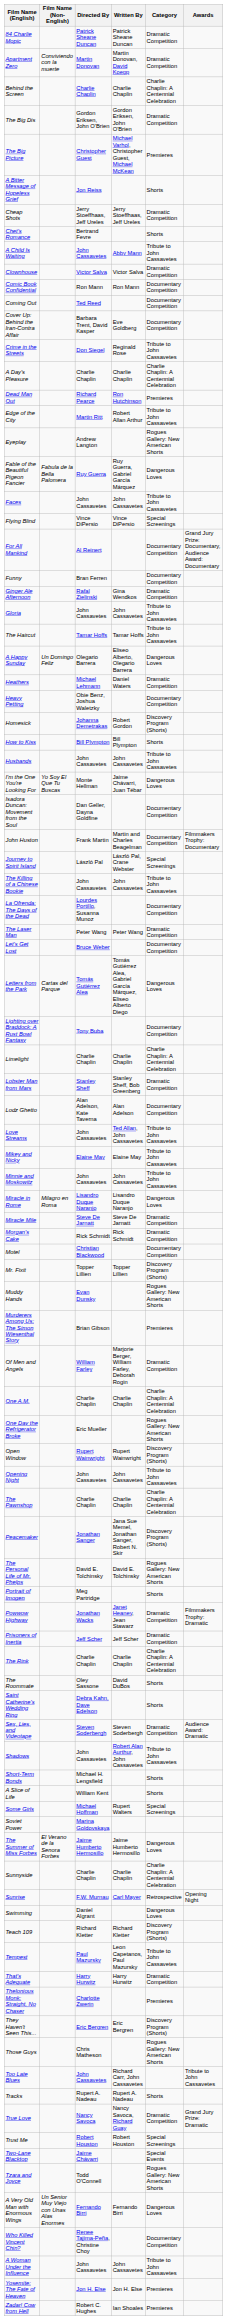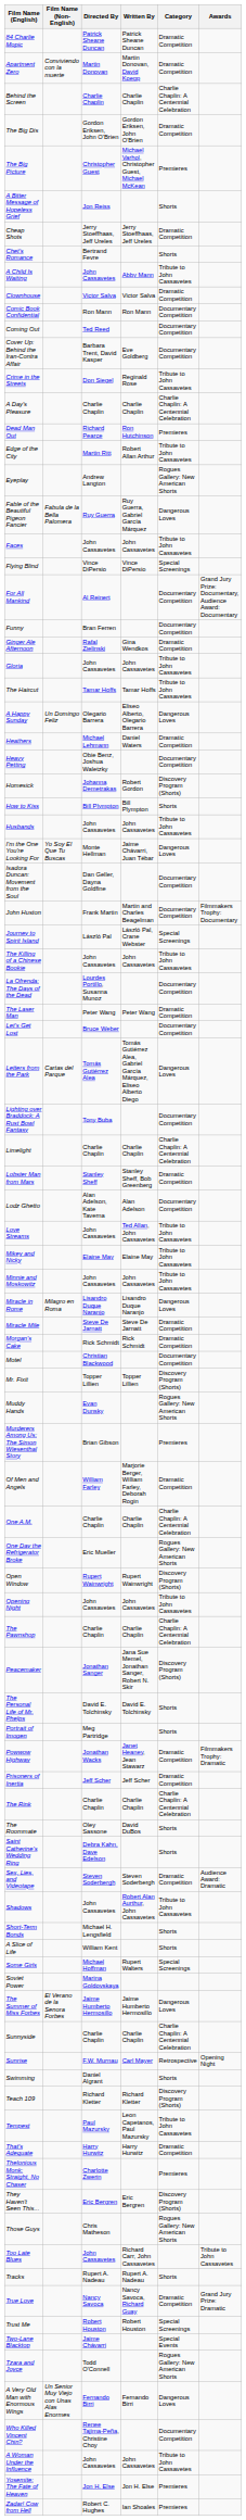 <table class="wikitable">
 <tr>
 <th>Film Name (English)</th>
 <th>Film Name (Non-English)</th>
 <th>Directed By</th>
 <th>Written By</th>
 <th>Category</th>
 <th>Awards</th>
 </tr>
 <tr>
 <td><em><a href='#'>84 Charlie Mopic</a></em></td>
 <td></td>
 <td><a href='#'>Patrick Sheane Duncan</a></td>
 <td>Patrick Sheane Duncan</td>
 <td>Dramatic Competition</td>
 <td></td>
 </tr>
 <tr>
 <td><em><a href='#'>Apartment Zero</a></em></td>
 <td><em>Conviviendo con la muerte</em></td>
 <td><a href='#'>Martin Donovan</a></td>
 <td>Martin Donovan, <a href='#'>David Koepp</a></td>
 <td>Dramatic Competition</td>
 <td></td>
 </tr>
 <tr>
 <td><em>Behind the Screen</em></td>
 <td></td>
 <td><a href='#'>Charlie Chaplin</a></td>
 <td>Charlie Chaplin</td>
 <td>Charlie Chaplin: A Centennial Celebration</td>
 <td></td>
 </tr>
 <tr>
 <td><em>The Big Dis</em></td>
 <td></td>
 <td>Gordon Eriksen, John O'Brien</td>
 <td>Gordon Eriksen, John O'Brien</td>
 <td>Dramatic Competition</td>
 <td></td>
 </tr>
 <tr>
 <td><em><a href='#'>The Big Picture</a></em></td>
 <td></td>
 <td><a href='#'>Christopher Guest</a></td>
 <td><a href='#'>Michael Varhol</a>, Christopher Guest, <a href='#'>Michael McKean</a></td>
 <td>Premieres</td>
 <td></td>
 </tr>
 <tr>
 <td><em><a href='#'>A Bitter Message of Hopeless Grief</a></em></td>
 <td></td>
 <td><a href='#'>Jon Reiss</a></td>
 <td></td>
 <td>Shorts</td>
 <td></td>
 </tr>
 <tr>
 <td><em>Cheap Shots</em></td>
 <td></td>
 <td>Jerry Stoeffhaas, Jeff Ureles</td>
 <td>Jerry Stoeffhaas, Jeff Ureles</td>
 <td>Dramatic Competition</td>
 <td></td>
 </tr>
 <tr>
 <td><em><a href='#'>Chet's Romance</a></em></td>
 <td></td>
 <td>Bertrand Fevre</td>
 <td></td>
 <td>Shorts</td>
 <td></td>
 </tr>
 <tr>
 <td><em><a href='#'>A Child Is Waiting</a></em></td>
 <td></td>
 <td><a href='#'>John Cassavetes</a></td>
 <td><a href='#'>Abby Mann</a></td>
 <td>Tribute to John Cassavetes</td>
 <td></td>
 </tr>
 <tr>
 <td><em><a href='#'>Clownhouse</a></em></td>
 <td></td>
 <td><a href='#'>Victor Salva</a></td>
 <td>Victor Salva</td>
 <td>Dramatic Competition</td>
 <td></td>
 </tr>
 <tr>
 <td><em><a href='#'>Comic Book Confidential</a></em></td>
 <td></td>
 <td>Ron Mann</td>
 <td>Ron Mann</td>
 <td>Documentary Competition</td>
 <td></td>
 </tr>
 <tr>
 <td><em>Coming Out</em></td>
 <td></td>
 <td><a href='#'>Ted Reed</a></td>
 <td></td>
 <td>Documentary Competition</td>
 <td></td>
 </tr>
 <tr>
 <td><em>Cover Up: Behind the Iran-Contra Affair</em></td>
 <td></td>
 <td>Barbara Trent, David Kasper</td>
 <td>Eve Goldberg</td>
 <td>Documentary Competition</td>
 <td></td>
 </tr>
 <tr>
 <td><em><a href='#'>Crime in the Streets</a></em></td>
 <td></td>
 <td><a href='#'>Don Siegel</a></td>
 <td>Reginald Rose</td>
 <td>Tribute to John Cassavetes</td>
 <td></td>
 </tr>
 <tr>
 <td><em>A Day's Pleasure</em></td>
 <td></td>
 <td>Charlie Chaplin</td>
 <td>Charlie Chaplin</td>
 <td>Charlie Chaplin: A Centennial Celebration</td>
 <td></td>
 </tr>
 <tr>
 <td><em><a href='#'>Dead Man Out</a></em></td>
 <td></td>
 <td><a href='#'>Richard Pearce</a></td>
 <td><a href='#'>Ron Hutchinson</a></td>
 <td>Premieres</td>
 <td></td>
 </tr>
 <tr>
 <td><em>Edge of the City</em></td>
 <td></td>
 <td><a href='#'>Martin Ritt</a></td>
 <td>Robert Allan Arthur</td>
 <td>Tribute to John Cassavetes</td>
 <td></td>
 </tr>
 <tr>
 <td><em>Eyeplay</em></td>
 <td></td>
 <td>Andrew Langton</td>
 <td></td>
 <td>Rogues Gallery: New American Shorts</td>
 <td></td>
 </tr>
 <tr>
 <td><em>Fable of the Beautiful Pigeon Fancier</em></td>
 <td><em>Fabula de la Bella Palomera</em></td>
 <td><a href='#'>Ruy Guerra</a></td>
 <td>Ruy Guerra, Gabriel García Márquez</td>
 <td>Dangerous Loves</td>
 <td></td>
 </tr>
 <tr>
 <td><em><a href='#'>Faces</a></em></td>
 <td></td>
 <td>John Cassavetes</td>
 <td>John Cassavetes</td>
 <td>Tribute to John Cassavetes</td>
 <td></td>
 </tr>
 <tr>
 <td><em>Flying Blind</em></td>
 <td></td>
 <td>Vince DiPersio</td>
 <td>Vince DiPersio</td>
 <td>Special Screenings</td>
 <td></td>
 </tr>
 <tr>
 <td><em><a href='#'>For All Mankind</a></em></td>
 <td></td>
 <td><a href='#'>Al Reinert</a></td>
 <td></td>
 <td>Documentary Competition</td>
 <td>Grand Jury Prize: Documentary, Audience Award: Documentary</td>
 </tr>
 <tr>
 <td><em>Funny</em></td>
 <td></td>
 <td>Bran Ferren</td>
 <td></td>
 <td>Documentary Competition</td>
 <td></td>
 </tr>
 <tr>
 <td><em><a href='#'>Ginger Ale Afternoon</a></em></td>
 <td></td>
 <td><a href='#'>Rafal Zielinski</a></td>
 <td>Gina Wendkos</td>
 <td>Dramatic Competition</td>
 <td></td>
 </tr>
 <tr>
 <td><em><a href='#'>Gloria</a></em></td>
 <td></td>
 <td>John Cassavetes</td>
 <td>John Cassavetes</td>
 <td>Tribute to John Cassavetes</td>
 <td></td>
 </tr>
 <tr>
 <td><em>The Haircut</em></td>
 <td></td>
 <td><a href='#'>Tamar Hoffs</a></td>
 <td>Tamar Hoffs</td>
 <td>Tribute to John Cassavetes</td>
 <td></td>
 </tr>
 <tr>
 <td><em><a href='#'>A Happy Sunday</a></em></td>
 <td><em>Un Domingo Feliz</em></td>
 <td>Olegario Barrera</td>
 <td>Eliseo Alberto, Olegario Barrera</td>
 <td>Dangerous Loves</td>
 <td></td>
 </tr>
 <tr>
 <td><em><a href='#'>Heathers</a></em></td>
 <td></td>
 <td><a href='#'>Michael Lehmann</a></td>
 <td>Daniel Waters</td>
 <td>Dramatic Competition</td>
 <td></td>
 </tr>
 <tr>
 <td><em><a href='#'>Heavy Petting</a></em></td>
 <td></td>
 <td>Obie Benz, Joshua Waletzky</td>
 <td></td>
 <td>Documentary Competition</td>
 <td></td>
 </tr>
 <tr>
 <td><em>Homesick</em></td>
 <td></td>
 <td><a href='#'>Johanna Demetrakas</a></td>
 <td>Robert Gordon</td>
 <td>Discovery Program (Shorts)</td>
 <td></td>
 </tr>
 <tr>
 <td><em><a href='#'>How to Kiss</a></em></td>
 <td></td>
 <td><a href='#'>Bill Plympton</a></td>
 <td>Bill Plympton</td>
 <td>Shorts</td>
 <td></td>
 </tr>
 <tr>
 <td><em><a href='#'>Husbands</a></em></td>
 <td></td>
 <td>John Cassavetes</td>
 <td>John Cassavetes</td>
 <td>Tribute to John Cassavetes</td>
 <td></td>
 </tr>
 <tr>
 <td><em>I'm the One You're Looking For</em></td>
 <td><em>Yo Soy El Que Tu Buscas</em></td>
 <td>Monte Hellman</td>
 <td>Jaime Chávarri, Juan Tébar</td>
 <td>Dangerous Loves</td>
 <td></td>
 </tr>
 <tr>
 <td><em>Isadora Duncan: Movement from the Soul</em></td>
 <td></td>
 <td>Dan Geller, Dayna Goldfine</td>
 <td></td>
 <td>Documentary Competition</td>
 <td></td>
 </tr>
 <tr>
 <td><em>John Huston</em></td>
 <td></td>
 <td>Frank Martin</td>
 <td>Martin and Charles Beagelman</td>
 <td>Documentary Competition</td>
 <td>Filmmakers Trophy: Documentary</td>
 </tr>
 <tr>
 <td><em><a href='#'>Journey to Spirit Island</a></em></td>
 <td></td>
 <td>László Pal</td>
 <td>László Pal, Crane Webster</td>
 <td>Special Screenings</td>
 <td></td>
 </tr>
 <tr>
 <td><em><a href='#'>The Killing of a Chinese Bookie</a></em></td>
 <td></td>
 <td>John Cassavetes</td>
 <td>John Cassavetes</td>
 <td>Tribute to John Cassavetes</td>
 <td></td>
 </tr>
 <tr>
 <td><em><a href='#'>La Ofrenda: The Days of the Dead</a></em></td>
 <td></td>
 <td><a href='#'>Lourdes Portillo</a>, Susanna Munoz</td>
 <td></td>
 <td>Documentary Competition</td>
 <td></td>
 </tr>
 <tr>
 <td><em><a href='#'>The Laser Man</a></em></td>
 <td></td>
 <td>Peter Wang</td>
 <td>Peter Wang</td>
 <td>Dramatic Competition</td>
 <td></td>
 </tr>
 <tr>
 <td><em><a href='#'>Let’s Get Lost</a></em></td>
 <td></td>
 <td><a href='#'>Bruce Weber</a></td>
 <td></td>
 <td>Documentary Competition</td>
 <td></td>
 </tr>
 <tr>
 <td><em><a href='#'>Letters from the Park</a></em></td>
 <td><em>Cartas del Parque</em></td>
 <td><a href='#'>Tomás Gutiérrez Alea</a></td>
 <td>Tomás Gutiérrez Alea, Gabriel García Márquez, Eliseo Alberto Diego</td>
 <td>Dangerous Loves</td>
 <td></td>
 </tr>
 <tr>
 <td><em><a href='#'>Lighting over Braddock: A Rust Bowl Fantasy</a></em></td>
 <td></td>
 <td><a href='#'>Tony Buba</a></td>
 <td></td>
 <td>Documentary Competition</td>
 <td></td>
 </tr>
 <tr>
 <td><em>Limelight</em></td>
 <td></td>
 <td>Charlie Chaplin</td>
 <td>Charlie Chaplin</td>
 <td>Charlie Chaplin: A Centennial Celebration</td>
 <td></td>
 </tr>
 <tr>
 <td><em><a href='#'>Lobster Man from Mars</a></em></td>
 <td></td>
 <td><a href='#'>Stanley Sheff</a></td>
 <td>Stanley Sheff, Bob Greenberg</td>
 <td>Dramatic Competition</td>
 <td></td>
 </tr>
 <tr>
 <td><em>Lodz Ghetto</em></td>
 <td></td>
 <td>Alan Adelson, Kate Taverna</td>
 <td>Alan Adelson</td>
 <td>Documentary Competition</td>
 <td></td>
 </tr>
 <tr>
 <td><em><a href='#'>Love Streams</a></em></td>
 <td></td>
 <td>John Cassavetes</td>
 <td><a href='#'>Ted Allan</a>, John Cassavetes</td>
 <td>Tribute to John Cassavetes</td>
 <td></td>
 </tr>
 <tr>
 <td><em><a href='#'>Mikey and Nicky</a></em></td>
 <td></td>
 <td><a href='#'>Elaine May</a></td>
 <td>Elaine May</td>
 <td>Tribute to John Cassavetes</td>
 <td></td>
 </tr>
 <tr>
 <td><em><a href='#'>Minnie and Moskowitz</a></em></td>
 <td></td>
 <td>John Cassavetes</td>
 <td>John Cassavetes</td>
 <td>Tribute to John Cassavetes</td>
 <td></td>
 </tr>
 <tr>
 <td><em><a href='#'>Miracle in Rome</a></em></td>
 <td><em>Milagro en Roma</em></td>
 <td><a href='#'>Lisandro Duque Naranjo</a></td>
 <td>Lisandro Duque Naranjo</td>
 <td>Dangerous Loves</td>
 <td></td>
 </tr>
 <tr>
 <td><em><a href='#'>Miracle Mile</a></em></td>
 <td></td>
 <td><a href='#'>Steve De Jarnatt</a></td>
 <td>Steve De Jarnatt</td>
 <td>Dramatic Competition</td>
 <td></td>
 </tr>
 <tr>
 <td><em><a href='#'>Morgan’s Cake</a></em></td>
 <td></td>
 <td>Rick Schmidt</td>
 <td>Rick Schmidt</td>
 <td>Dramatic Competition</td>
 <td></td>
 </tr>
 <tr>
 <td><em>Motel</em></td>
 <td></td>
 <td><a href='#'>Christian Blackwood</a></td>
 <td></td>
 <td>Documentary Competition</td>
 <td></td>
 </tr>
 <tr>
 <td><em>Mr. Fixit</em></td>
 <td></td>
 <td>Topper Lillien</td>
 <td>Topper Lillien</td>
 <td>Discovery Program (Shorts)</td>
 <td></td>
 </tr>
 <tr>
 <td><em>Muddy Hands</em></td>
 <td></td>
 <td><a href='#'>Evan Dunsky</a></td>
 <td></td>
 <td>Rogues Gallery: New American Shorts</td>
 <td></td>
 </tr>
 <tr>
 <td><em><a href='#'>Murderers Among Us: The Simon Wiesenthal Story</a></em></td>
 <td></td>
 <td>Brian Gibson</td>
 <td></td>
 <td>Premieres</td>
 <td></td>
 </tr>
 <tr>
 <td><em>Of Men and Angels</em></td>
 <td></td>
 <td><a href='#'>William Farley</a></td>
 <td>Marjorie Berger, William Farley, Deborah Rogin</td>
 <td>Dramatic Competition</td>
 <td></td>
 </tr>
 <tr>
 <td><em><a href='#'>One A.M.</a></em></td>
 <td></td>
 <td>Charlie Chaplin</td>
 <td>Charlie Chaplin</td>
 <td>Charlie Chaplin: A Centennial Celebration</td>
 <td></td>
 </tr>
 <tr>
 <td><em><a href='#'>One Day the Refrigerator Broke</a></em></td>
 <td></td>
 <td>Eric Mueller</td>
 <td></td>
 <td>Rogues Gallery: New American Shorts</td>
 <td></td>
 </tr>
 <tr>
 <td><em>Open Window</em></td>
 <td></td>
 <td><a href='#'>Rupert Wainwright</a></td>
 <td>Rupert Wainwright</td>
 <td>Discovery Program (Shorts)</td>
 <td></td>
 </tr>
 <tr>
 <td><em><a href='#'>Opening Night</a></em></td>
 <td></td>
 <td>John Cassavetes</td>
 <td>John Cassavetes</td>
 <td>Tribute to John Cassavetes</td>
 <td></td>
 </tr>
 <tr>
 <td><em><a href='#'>The Pawnshop</a></em></td>
 <td></td>
 <td>Charlie Chaplin</td>
 <td>Charlie Chaplin</td>
 <td>Charlie Chaplin: A Centennial Celebration</td>
 <td></td>
 </tr>
 <tr>
 <td><em><a href='#'>Peacemaker</a></em></td>
 <td></td>
 <td><a href='#'>Jonathan Sanger</a></td>
 <td>Jana Sue Memel, Jonathan Sanger, Robert N. Skir</td>
 <td>Discovery Program (Shorts)</td>
 <td></td>
 </tr>
 <tr>
 <td><em><a href='#'>The Personal Life of Mr. Phelps</a></em></td>
 <td></td>
 <td>David E. Tolchinsky</td>
 <td>David E. Tolchinsky</td>
-<td>Rogues Gallery: New American Shorts</td>
+<td>Shorts</td>
 <td></td>
 </tr>
 <tr>
 <td><em><a href='#'>Portrait of Imogen</a></em></td>
 <td></td>
 <td>Meg Partridge</td>
 <td></td>
 <td>Shorts</td>
 <td></td>
 </tr>
 <tr>
 <td><em><a href='#'>Powwow Highway</a></em></td>
 <td></td>
 <td><a href='#'>Jonathan Wacks</a></td>
 <td><a href='#'>Janet Heaney</a>, Jean Stawarz</td>
 <td>Dramatic Competition</td>
 <td>Filmmakers Trophy: Dramatic</td>
 </tr>
 <tr>
 <td><em><a href='#'>Prisoners of Inertia</a></em></td>
 <td></td>
 <td><a href='#'>Jeff Scher</a></td>
 <td>Jeff Scher</td>
 <td>Dramatic Competition</td>
 <td></td>
 </tr>
 <tr>
 <td><em><a href='#'>The Rink</a></em></td>
 <td></td>
 <td>Charlie Chaplin</td>
 <td>Charlie Chaplin</td>
 <td>Charlie Chaplin: A Centennial Celebration</td>
 <td></td>
 </tr>
 <tr>
 <td><em>The Roommate</em></td>
 <td></td>
 <td>Oley Sassone</td>
 <td>David DuBos</td>
 <td>Shorts</td>
 <td></td>
 </tr>
 <tr>
 <td><em><a href='#'>Saint Catherine’s Wedding Ring</a></em></td>
 <td></td>
 <td><a href='#'>Debra Kahn, Dave Edelson</a></td>
 <td></td>
 <td>Shorts</td>
 <td></td>
 </tr>
 <tr>
 <td><em><a href='#'>Sex, Lies, and Videotape</a></em></td>
 <td></td>
 <td><a href='#'>Steven Soderbergh</a></td>
 <td>Steven Soderbergh</td>
 <td>Dramatic Competition</td>
 <td>Audience Award: Dramatic</td>
 </tr>
 <tr>
 <td><em><a href='#'>Shadows</a></em></td>
 <td></td>
 <td>John Cassavetes</td>
 <td><a href='#'>Robert Alan Aurthur</a>, John Cassavetes</td>
 <td>Tribute to John Cassavetes</td>
 <td></td>
 </tr>
 <tr>
 <td><em><a href='#'>Short-Term Bonds</a></em></td>
 <td></td>
 <td>Michael H. Lengsfield</td>
 <td></td>
 <td>Shorts</td>
 <td></td>
 </tr>
 <tr>
 <td><em>A Slice of Life</em></td>
 <td></td>
 <td>William Kent</td>
 <td></td>
 <td>Shorts</td>
 <td></td>
 </tr>
 <tr>
 <td><em><a href='#'>Some Girls</a></em></td>
 <td></td>
 <td><a href='#'>Michael Hoffman</a></td>
 <td>Rupert Walters</td>
 <td>Special Screenings</td>
 <td></td>
 </tr>
 <tr>
 <td><em>Soviet Power</em></td>
 <td></td>
 <td><a href='#'>Marina Goldovskaya</a></td>
 <td></td>
 <td></td>
 <td></td>
 </tr>
 <tr>
 <td><em><a href='#'>The Summer of Miss Forbes</a></em></td>
 <td><em>El Verano de la Senora Forbes</em></td>
 <td><a href='#'>Jaime Humberto Hermosillo</a></td>
 <td>Jaime Humberto Hermosillo</td>
 <td>Dangerous Loves</td>
 <td></td>
 </tr>
 <tr>
 <td><em>Sunnyside</em></td>
 <td></td>
 <td>Charlie Chaplin</td>
 <td>Charlie Chaplin</td>
 <td>Charlie Chaplin: A Centennial Celebration</td>
 <td></td>
 </tr>
 <tr>
 <td><em><a href='#'>Sunrise</a></em></td>
 <td></td>
 <td><a href='#'>F.W. Murnau</a></td>
 <td><a href='#'>Carl Mayer</a></td>
 <td>Retrospective</td>
 <td>Opening Night</td>
 </tr>
 <tr>
 <td><em>Swimming</em></td>
 <td></td>
 <td>Daniel Algrant</td>
 <td></td>
-<td>Dangerous Loves</td>
+<td>Shorts</td>
 <td></td>
 </tr>
 <tr>
 <td><em>Teach 109</em></td>
 <td></td>
 <td>Richard Kletter</td>
 <td>Richard Kletter</td>
 <td>Discovery Program (Shorts)</td>
 <td></td>
 </tr>
 <tr>
 <td><em><a href='#'>Tempest</a></em></td>
 <td></td>
 <td><a href='#'>Paul Mazursky</a></td>
 <td>Leon Capetanos, Paul Mazursky</td>
 <td>Tribute to John Cassavetes</td>
 <td></td>
 </tr>
 <tr>
 <td><em><a href='#'>That's Adequate</a></em></td>
 <td></td>
 <td><a href='#'>Harry Hurwitz</a></td>
 <td>Harry Hurwitz</td>
 <td>Dramatic Competition</td>
 <td></td>
 </tr>
 <tr>
 <td><em><a href='#'>Thelonious Monk: Straight, No Chaser</a></em></td>
 <td></td>
 <td><a href='#'>Charlotte Zwerin</a></td>
 <td></td>
 <td>Premieres</td>
 <td></td>
 </tr>
 <tr>
 <td><em>They Haven't Seen This...</em></td>
 <td></td>
 <td><a href='#'>Eric Bergren</a></td>
 <td>Eric Bergren</td>
 <td>Discovery Program (Shorts)</td>
 <td></td>
 </tr>
 <tr>
 <td><em>Those Guys</em></td>
 <td></td>
 <td>Chris Matheson</td>
 <td></td>
 <td>Rogues Gallery: New American Shorts</td>
 <td></td>
 </tr>
 <tr>
 <td><em><a href='#'>Too Late Blues</a></em></td>
 <td></td>
 <td><a href='#'>John Cassavetes</a></td>
 <td>Richard Carr, John Cassavetes</td>
 <td></td>
 <td>Tribute to John Cassavetes</td>
 </tr>
 <tr>
 <td><em>Tracks</em></td>
 <td></td>
 <td>Rupert A. Nadeau</td>
 <td>Rupert A. Nadeau</td>
 <td>Shorts</td>
 <td></td>
 </tr>
 <tr>
 <td><em><a href='#'>True Love</a></em></td>
 <td></td>
 <td><a href='#'>Nancy Savoca</a></td>
 <td>Nancy Savoca, <a href='#'>Richard Guay</a></td>
 <td>Dramatic Competition</td>
 <td>Grand Jury Prize: Dramatic</td>
 </tr>
 <tr>
 <td><em>Trust Me</em></td>
 <td></td>
 <td><a href='#'>Robert Houston</a></td>
 <td>Robert Houston</td>
 <td>Special Screenings</td>
 <td></td>
 </tr>
 <tr>
 <td><em><a href='#'>Two-Lane Blacktop</a></em></td>
 <td></td>
 <td><a href='#'>Jaime Chávarri</a></td>
 <td></td>
 <td>Special Events</td>
 <td></td>
 </tr>
 <tr>
 <td><em><a href='#'>Tzara and Joyce</a></em></td>
 <td></td>
 <td>Todd O'Connell</td>
 <td></td>
 <td>Rogues Gallery: New American Shorts</td>
 <td></td>
 </tr>
 <tr>
 <td><em>A Very Old Man with Enormous Wings</em></td>
 <td><em>Un Senior Muy Viejo con Unas Alas Enormes</em></td>
 <td><a href='#'>Fernando Birri</a></td>
 <td>Fernando Birri</td>
 <td>Dangerous Loves</td>
 <td></td>
 </tr>
 <tr>
 <td><em><a href='#'>Who Killed Vincent Chin?</a></em></td>
 <td></td>
 <td><a href='#'>Renee Tajima-Peña</a>, Christine Choy</td>
 <td></td>
 <td>Documentary Competition</td>
 <td></td>
 </tr>
 <tr>
 <td><em><a href='#'>A Woman Under the Influence</a></em></td>
 <td></td>
 <td>John Cassavetes</td>
 <td>John Cassavetes</td>
 <td>Tribute to John Cassavetes</td>
 <td></td>
 </tr>
 <tr>
 <td><em><a href='#'>Yosemite: The Fate of Heaven</a></em></td>
 <td></td>
 <td><a href='#'>Jon H. Else</a></td>
 <td>Jon H. Else</td>
 <td>Premieres</td>
 <td></td>
 </tr>
 <tr>
 <td><em><a href='#'>Zadar! Cow from Hell</a></em></td>
 <td></td>
 <td>Robert C. Hughes</td>
 <td>Ian Shoales</td>
 <td>Premieres</td>
 <td></td>
 </tr>
 </table>
